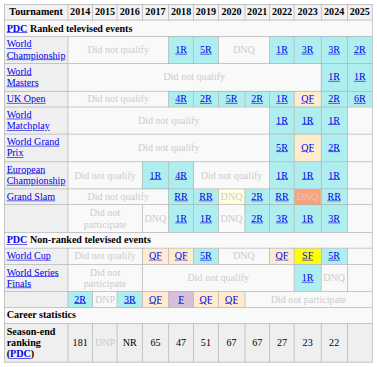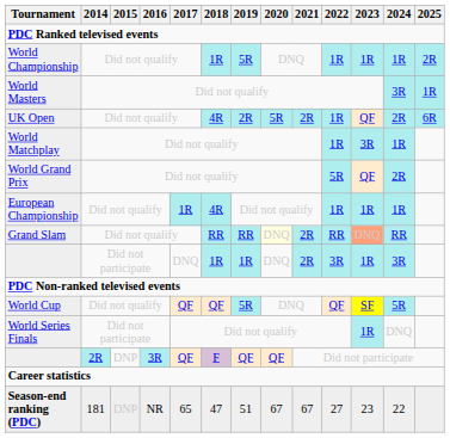 <table class="wikitable" style="width:20%; margin:0">
 <tr>
 <th>Tournament</th>
 <th>2014</th>
 <th>2015</th>
 <th>2016</th>
 <th>2017</th>
 <th>2018</th>
 <th>2019</th>
 <th>2020</th>
 <th>2021</th>
 <th>2022</th>
 <th>2023</th>
 <th>2024</th>
 <th>2025</th>
 </tr>
 <tr>
 <td colspan="31" align="left"><strong><a href='#'>PDC</a> Ranked televised events</strong></td>
 </tr>
 <tr>
 <td style="background:#efefef;"><a href='#'>World Championship</a></td>
 <td colspan="4" style="text-align:center; color:#ccc;">Did not qualify</td>
 <td style="text-align:center; background:#afeeee;"><a href='#'>1R</a></td>
 <td style="text-align:center; background:#afeeee;"><a href='#'>5R</a></td>
 <td colspan="2" style="text-align:center; color:#ccc;">DNQ</td>
 <td style="text-align:center; background:#afeeee;"><a href='#'>1R</a></td>
-<td style="text-align:center; background:#afeeee;"><a href='#'>3R</a></td>
-<td style="text-align:center; background:#afeeee;"><a href='#'>3R</a></td>
+<td style="text-align:center; background:#afeeee;"><a href='#'>1R</a></td>
+<td style="text-align:center; background:#afeeee;"><a href='#'>1R</a></td>
 <td style="text-align:center; background:#afeeee;"><a href='#'>2R</a></td>
 </tr>
 <tr>
 <td style="background:#efefef;"><a href='#'>World Masters</a></td>
 <td colspan="10" style="text-align:center; color:#ccc;">Did not qualify</td>
-<td style="text-align:center; background:#afeeee;"><a href='#'>1R</a></td>
+<td style="text-align:center; background:#afeeee;"><a href='#'>3R</a></td>
 <td style="text-align:center; background:#afeeee;"><a href='#'>1R</a></td>
 </tr>
 <tr>
 <td style="background:#efefef;"><a href='#'>UK Open</a></td>
 <td colspan="4" style="text-align:center; color:#ccc;">Did not qualify</td>
 <td style="text-align:center; background:#afeeee;"><a href='#'>4R</a></td>
 <td style="text-align:center; background:#afeeee;"><a href='#'>2R</a></td>
 <td style="text-align:center; background:#afeeee;"><a href='#'>5R</a></td>
 <td style="text-align:center; background:#afeeee;"><a href='#'>2R</a></td>
 <td style="text-align:center; background:#afeeee;"><a href='#'>1R</a></td>
 <td style="text-align:center; background:#ffebcd;"><a href='#'>QF</a></td>
 <td style="text-align:center; background:#afeeee;"><a href='#'>2R</a></td>
 <td style="text-align:center; background:#afeeee;"><a href='#'>6R</a></td>
 </tr>
 <tr>
 <td style="background:#efefef;"><a href='#'>World Matchplay</a></td>
 <td colspan="8" style="text-align:center; color:#ccc;">Did not qualify</td>
 <td style="text-align:center; background:#afeeee;"><a href='#'>1R</a></td>
-<td style="text-align:center; background:#afeeee;"><a href='#'>1R</a></td>
+<td style="text-align:center; background:#afeeee;"><a href='#'>3R</a></td>
 <td style="text-align:center; background:#afeeee;"><a href='#'>1R</a></td>
 <td></td>
 </tr>
 <tr>
 <td style="background:#efefef;"><a href='#'>World Grand Prix</a></td>
 <td colspan="8" style="text-align:center; color:#ccc;">Did not qualify</td>
 <td style="text-align:center; background:#afeeee;"><a href='#'>5R</a></td>
 <td style="text-align:center; background:#ffebcd;"><a href='#'>QF</a></td>
 <td style="text-align:center; background:#afeeee;"><a href='#'>2R</a></td>
 <td></td>
 </tr>
 <tr>
 <td style="background:#efefef;"><a href='#'>European Championship</a></td>
 <td colspan="3" style="text-align:center; color:#ccc;">Did not qualify</td>
 <td style="text-align:center; background:#afeeee;"><a href='#'>1R</a></td>
 <td style="text-align:center; background:#afeeee;"><a href='#'>4R</a></td>
 <td colspan="3" style="text-align:center; color:#ccc;">Did not qualify</td>
 <td style="text-align:center; background:#afeeee;"><a href='#'>1R</a></td>
 <td style="text-align:center; background:#afeeee;"><a href='#'>1R</a></td>
 <td style="text-align:center; background:#afeeee;"><a href='#'>1R</a></td>
 <td></td>
 </tr>
 <tr>
 <td style="background:#efefef;"><a href='#'>Grand Slam</a></td>
 <td colspan="4" style="text-align:center; color:#ccc;">Did not qualify</td>
 <td style="text-align:center; background:#afeeee;"><a href='#'>RR</a></td>
 <td style="text-align:center; background:#afeeee;"><a href='#'>RR</a></td>
 <td style="background: lightyellow; text-align:center; color:#ccc;">DNQ</td>
 <td style="text-align:center; background:#afeeee;"><a href='#'>2R</a></td>
 <td style="text-align:center; background:#afeeee;"><a href='#'>RR</a></td>
 <td style="background: lightsalmon; text-align:center; color:#ccc;">DNQ</td>
 <td style="text-align:center; background:#afeeee;"><a href='#'>RR</a></td>
 <td></td>
 </tr>
 <tr>
 <td style="background:#efefef;"></td>
 <td colspan="3" style="text-align:center; color:#ccc;">Did not participate</td>
 <td style="text-align:center; color:#ccc;">DNQ</td>
 <td style="text-align:center; background:#afeeee;"><a href='#'>1R</a></td>
 <td style="text-align:center; background:#afeeee;"><a href='#'>1R</a></td>
 <td style="text-align:center; color:#ccc;">DNQ</td>
 <td style="text-align:center; background:#afeeee;"><a href='#'>2R</a></td>
 <td style="text-align:center; background:#afeeee;"><a href='#'>3R</a></td>
 <td style="text-align:center; background:#afeeee;"><a href='#'>1R</a></td>
 <td style="text-align:center; background:#afeeee;"><a href='#'>3R</a></td>
 <td></td>
 </tr>
 <tr>
 <td colspan="15" align="left"><strong><a href='#'>PDC</a> Non-ranked televised events</strong></td>
 </tr>
 <tr>
 <td style="background:#efefef;"><a href='#'>World Cup</a></td>
 <td colspan="3" style="text-align:center; color:#ccc;">Did not qualify</td>
 <td style="text-align:center; background:#ffebcd;"><a href='#'>QF</a></td>
 <td style="text-align:center; background:#ffebcd;"><a href='#'>QF</a></td>
 <td style="text-align:center; background:#afeeee;"><a href='#'>5R</a></td>
 <td colspan="2" style="text-align:center; color:#ccc;">DNQ</td>
 <td style="text-align:center; background:#ffebcd;"><a href='#'>QF</a></td>
 <td style="text-align:center; background:yellow;"><a href='#'>SF</a></td>
 <td style="text-align:center; background:#afeeee;"><a href='#'>5R</a></td>
 <td></td>
 </tr>
 <tr>
 <td style="background:#efefef;"><a href='#'>World Series Finals</a></td>
 <td colspan="3" style="text-align:center; color:#ccc;">Did not participate</td>
 <td colspan="6" style="text-align:center; color:#ccc;">Did not qualify</td>
 <td style="text-align:center; background:#afeeee;"><a href='#'>1R</a></td>
 <td style="text-align:center; color:#ccc;">DNQ</td>
 <td></td>
 </tr>
 <tr>
 <td style="background:#efefef;"></td>
 <td style="text-align:center; background:#afeeee;"><a href='#'>2R</a></td>
 <td style="text-align:center; color:#ccc;">DNP</td>
 <td style="text-align:center; background:#afeeee;"><a href='#'>3R</a></td>
 <td style="text-align:center; background:#ffebcd;"><a href='#'>QF</a></td>
 <td style="text-align:center; background:thistle;"><a href='#'>F</a></td>
 <td style="text-align:center; background:#ffebcd;"><a href='#'>QF</a></td>
 <td style="text-align:center; background:#ffebcd;"><a href='#'>QF</a></td>
 <td colspan="5" style="text-align:center; color:#ccc;">Did not participate</td>
 </tr>
 <tr>
 <td colspan="21" align="left"><strong>Career statistics</strong></td>
 </tr>
 <tr bgcolor="efefef">
 <td align="left"><strong>Season-end ranking (<a href='#'>PDC</a>)</strong></td>
 <td style="text-align:center;">181</td>
 <td style="text-align:center; color:#ccc;">DNP</td>
 <td style="text-align:center;">NR</td>
 <td style="text-align:center;">65</td>
 <td style="text-align:center;">47</td>
 <td style="text-align:center;">51</td>
 <td style="text-align:center;">67</td>
 <td style="text-align:center;">67</td>
 <td style="text-align:center;">27</td>
 <td style="text-align:center;">23</td>
 <td style="text-align:center;">22</td>
 <td></td>
 </tr>
 </table>
